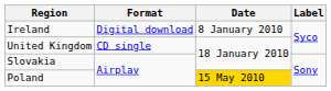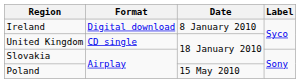 <table class="wikitable">
 <tr>
 <th>Region</th>
 <th>Format</th>
 <th>Date</th>
 <th>Label</th>
 </tr>
 <tr>
 <td>Ireland</td>
 <td rowspan="2"><a href='#'>Digital download</a></td>
 <td rowspan="2">8 January 2010</td>
 <td rowspan="3"><a href='#'>Syco</a></td>
 </tr>
 <tr>
 <td rowspan="2">United Kingdom</td>
 </tr>
 <tr>
 <td><a href='#'>CD single</a></td>
 <td rowspan="2">18 January 2010</td>
 </tr>
 <tr>
 <td>Slovakia</td>
 <td rowspan="2"><a href='#'>Airplay</a></td>
 <td rowspan="2"><a href='#'>Sony</a></td>
 </tr>
 <tr>
 <td>Poland</td>
-<td style="background: gold;">15 May 2010</td>
+<td>15 May 2010</td>
 </tr>
 </table>
